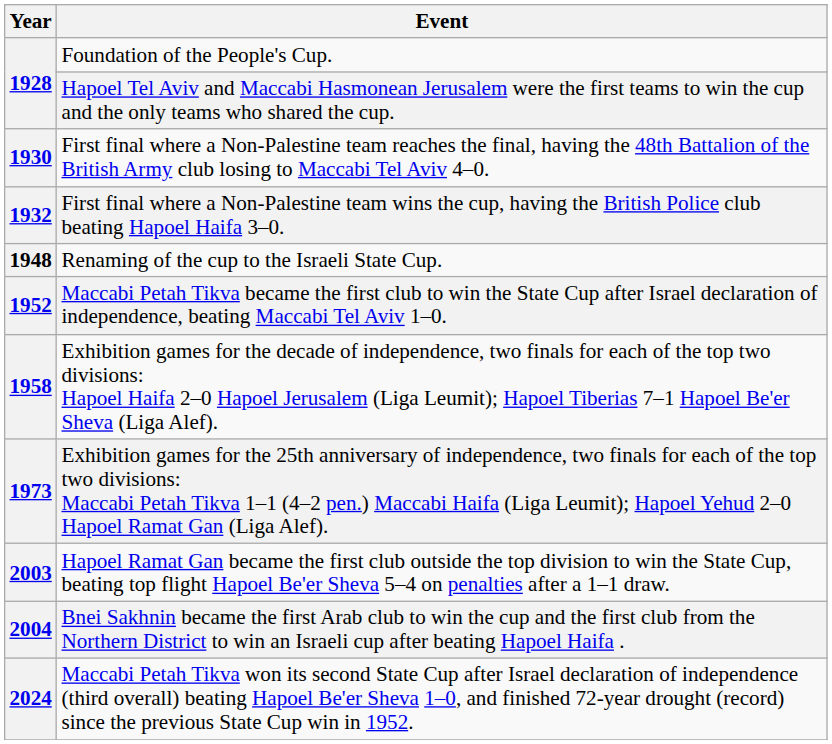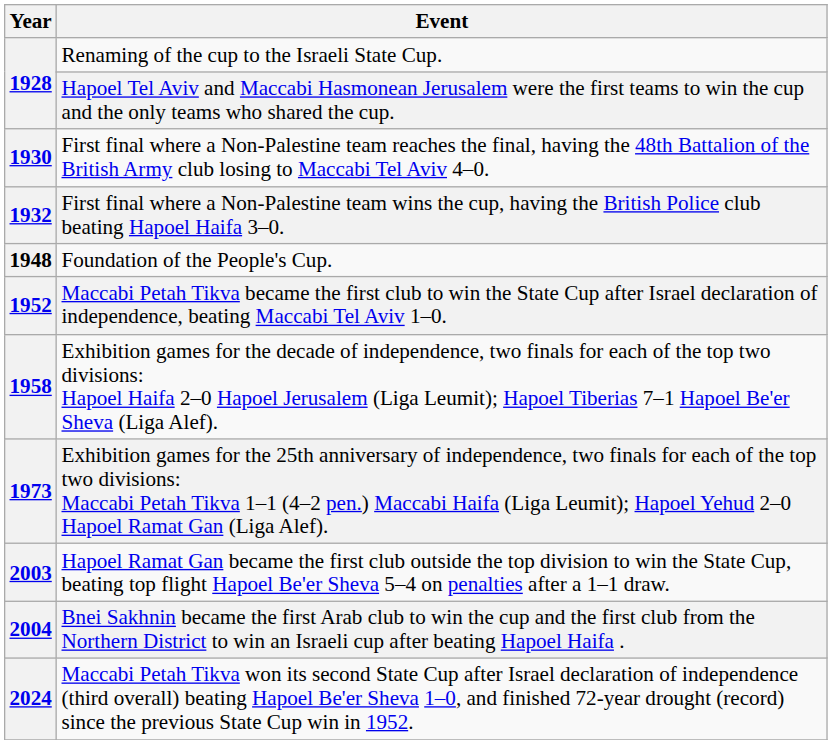 <table class="wikitable" width=100%>
 <tr>
 <th>Year</th>
 <th>Event</th>
 </tr>
 <tr>
 <th rowspan=2><a href='#'>1928</a></th>
-<td>Foundation of the People's Cup.</td>
+<td>Renaming of the cup to the Israeli State Cup.</td>
 </tr>
 <tr bgcolor=#f2f2f2>
 <td><a href='#'>Hapoel Tel Aviv</a> and <a href='#'>Maccabi Hasmonean Jerusalem</a> were the first teams to win the cup and the only teams who shared the cup.</td>
 </tr>
 <tr>
 <th><a href='#'>1930</a></th>
 <td>First final where a Non-Palestine team reaches the final, having the <a href='#'>48th Battalion of the British Army</a> club losing to <a href='#'>Maccabi Tel Aviv</a> 4–0.</td>
 </tr>
 <tr bgcolor=#f2f2f2>
 <th><a href='#'>1932</a></th>
 <td>First final where a Non-Palestine team wins the cup, having the <a href='#'>British Police</a> club beating <a href='#'>Hapoel Haifa</a> 3–0.</td>
 </tr>
 <tr>
 <th>1948</th>
-<td>Renaming of the cup to the Israeli State Cup.</td>
+<td>Foundation of the People's Cup.</td>
 </tr>
 <tr bgcolor=#f2f2f2>
 <th><a href='#'>1952</a></th>
 <td><a href='#'>Maccabi Petah Tikva</a> became the first club to win the State Cup after Israel declaration of independence, beating <a href='#'>Maccabi Tel Aviv</a> 1–0.</td>
 </tr>
 <tr>
 <th><a href='#'>1958</a></th>
 <td>Exhibition games for the decade of independence, two finals for each of the top two divisions:<br><a href='#'>Hapoel Haifa</a> 2–0 <a href='#'>Hapoel Jerusalem</a> (Liga Leumit); <a href='#'>Hapoel Tiberias</a> 7–1 <a href='#'>Hapoel Be'er Sheva</a> (Liga Alef).</td>
 </tr>
 <tr bgcolor=#f2f2f2>
 <th><a href='#'>1973</a></th>
 <td>Exhibition games for the 25th anniversary of independence, two finals for each of the top two divisions:<br><a href='#'>Maccabi Petah Tikva</a> 1–1 (4–2 <a href='#'>pen.</a>) <a href='#'>Maccabi Haifa</a> (Liga Leumit); <a href='#'>Hapoel Yehud</a> 2–0 <a href='#'>Hapoel Ramat Gan</a> (Liga Alef).</td>
 </tr>
 <tr>
 <th><a href='#'>2003</a></th>
 <td><a href='#'>Hapoel Ramat Gan</a> became the first club outside the top division to win the State Cup, beating top flight <a href='#'>Hapoel Be'er Sheva</a> 5–4 on <a href='#'>penalties</a> after a 1–1 draw.</td>
 </tr>
 <tr bgcolor=#f2f2f2>
 <th><a href='#'>2004</a></th>
 <td><a href='#'>Bnei Sakhnin</a> became the first Arab club to win the cup and the first club from the <a href='#'>Northern District</a> to win an Israeli cup after beating <a href='#'>Hapoel Haifa</a> .</td>
 </tr>
 <tr>
 <th><a href='#'>2024</a></th>
 <td><a href='#'>Maccabi Petah Tikva</a> won its second State Cup after Israel declaration of independence (third overall) beating <a href='#'>Hapoel Be'er Sheva</a> <a href='#'>1–0</a>, and finished 72-year drought (record) since the previous State Cup win in <a href='#'>1952</a>.</td>
 </tr>
 </table>
